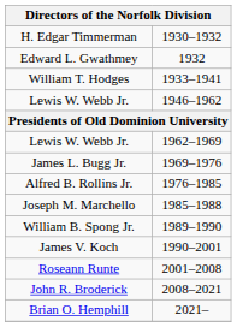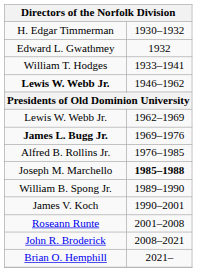 <table class="wikitable">
 <tr>
 <th colspan="4">Directors of the Norfolk Division</th>
 </tr>
 <tr style="text-align:center;">
 <td>H. Edgar Timmerman</td>
 <td>1930–1932</td>
 </tr>
 <tr style="text-align:center;">
 <td>Edward L. Gwathmey</td>
 <td>1932</td>
 </tr>
 <tr style="text-align:center;">
 <td>William T. Hodges</td>
 <td>1933–1941</td>
 </tr>
 <tr style="text-align:center;">
-<td>Lewis W. Webb Jr.</td>
+<td><strong>Lewis W. Webb Jr.</strong></td>
 <td>1946–1962</td>
 </tr>
 <tr>
 <th colspan="4">Presidents of Old Dominion University</th>
 </tr>
 <tr style="text-align:center;">
 <td>Lewis W. Webb Jr.</td>
 <td>1962–1969</td>
 </tr>
 <tr style="text-align:center;">
-<td>James L. Bugg Jr.</td>
+<td><strong>James L. Bugg Jr.</strong></td>
 <td>1969–1976</td>
 </tr>
 <tr style="text-align:center;">
 <td>Alfred B. Rollins Jr.</td>
 <td>1976–1985</td>
 </tr>
 <tr style="text-align:center;">
 <td>Joseph M. Marchello</td>
-<td>1985–1988</td>
+<td><strong>1985–1988</strong></td>
 </tr>
 <tr style="text-align:center;">
 <td>William B. Spong Jr.</td>
 <td>1989–1990</td>
 </tr>
 <tr style="text-align:center;">
 <td>James V. Koch</td>
 <td>1990–2001</td>
 </tr>
 <tr style="text-align:center;">
 <td><a href='#'>Roseann Runte</a></td>
 <td>2001–2008</td>
 </tr>
 <tr style="text-align:center;">
 <td><a href='#'>John R. Broderick</a></td>
 <td>2008–2021</td>
 </tr>
 <tr style="text-align:center;">
 <td><a href='#'>Brian O. Hemphill</a></td>
 <td>2021–</td>
 </tr>
 <tr style="text-align:center;">
 </tr>
 </table>
